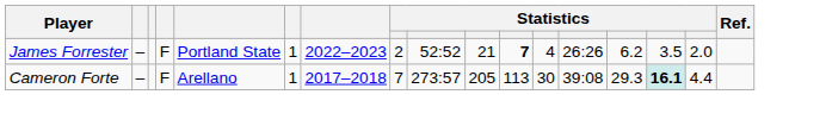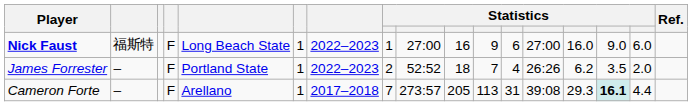 <table class="wikitable sortable" style="font-size:95%; text-align:right;">
 <tr>
 <th rowspan="2">Player</th>
 <th rowspan="2"></th>
 <th rowspan="2"></th>
 <th rowspan="2"></th>
 <th rowspan="2"></th>
 <th rowspan="2"></th>
 <th rowspan="2"></th>
 <th colspan="9">Statistics</th>
 <th rowspan="2">Ref.</th>
 </tr>
 <tr>
 <th></th>
 <th></th>
 <th></th>
 <th></th>
 <th></th>
 <th></th>
 <th></th>
 <th></th>
 <th></th>
 </tr>
 <tr>
+<td align="left"><strong><a href='#'>Nick Faust</a></strong></td>
+<td align="left">福斯特</td>
+<td align="center"></td>
+<td align="center">F</td>
+<td align="left"><a href='#'>Long Beach State</a></td>
+<td align="center">1</td>
+<td align="center"><a href='#'>2022–2023</a></td>
+<td>1</td>
+<td>27:00</td>
+<td>16</td>
+<td>9</td>
+<td>6</td>
+<td>27:00</td>
+<td>16.0</td>
+<td>9.0</td>
+<td>6.0</td>
+<td align="center"></td>
+</tr>
+<tr>
 <td align="left"><em><a href='#'>James Forrester</a></em></td>
 <td align="left">–</td>
 <td align="center"></td>
 <td align="center">F</td>
 <td align="left"><a href='#'>Portland State</a></td>
 <td align="center">1</td>
 <td align="center"><a href='#'>2022–2023</a></td>
 <td>2</td>
 <td>52:52</td>
-<td>21</td>
-<td><strong>7</strong></td>
+<td>18</td>
+<td>7</td>
 <td>4</td>
 <td>26:26</td>
 <td>6.2</td>
 <td>3.5</td>
 <td>2.0</td>
 <td align="center"></td>
 </tr>
 <tr>
 <td align="left"><em>Cameron Forte</em></td>
 <td align="left">–</td>
 <td align="center"></td>
 <td align="center">F</td>
 <td align="left"><a href='#'>Arellano</a></td>
 <td align="center">1</td>
 <td align="center"><a href='#'>2017–2018</a></td>
 <td>7</td>
 <td>273:57</td>
 <td>205</td>
 <td>113</td>
-<td>30</td>
+<td>31</td>
 <td>39:08</td>
 <td>29.3</td>
 <td bgcolor="#CFECEC"><strong>16.1</strong></td>
 <td>4.4</td>
 <td align="center"></td>
 </tr>
 </table>
